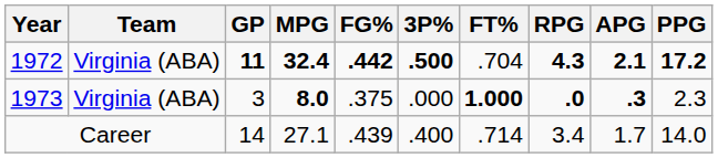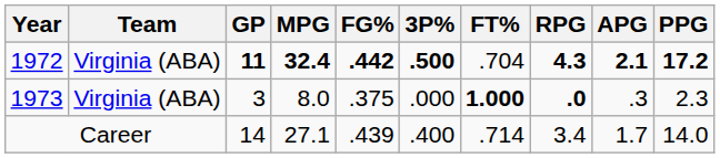 <table class="wikitable sortable" style="font-size:95%; text-align:right;">
 <tr>
 <th>Year</th>
 <th>Team</th>
 <th>GP</th>
 <th>MPG</th>
 <th>FG%</th>
 <th>3P%</th>
 <th>FT%</th>
 <th>RPG</th>
 <th>APG</th>
 <th>PPG</th>
 </tr>
 <tr>
 <td style="text-align:left;"><a href='#'>1972</a></td>
 <td style="text-align:left;"><a href='#'>Virginia</a> (ABA)</td>
 <td><strong>11</strong></td>
 <td><strong>32.4</strong></td>
 <td><strong>.442</strong></td>
 <td><strong>.500</strong></td>
 <td>.704</td>
 <td><strong>4.3</strong></td>
 <td><strong>2.1</strong></td>
 <td><strong>17.2</strong></td>
 </tr>
 <tr>
 <td style="text-align:left;"><a href='#'>1973</a></td>
 <td style="text-align:left;"><a href='#'>Virginia</a> (ABA)</td>
 <td>3</td>
-<td><strong>8.0</strong></td>
+<td>8.0</td>
 <td>.375</td>
 <td>.000</td>
 <td><strong>1.000</strong></td>
 <td><strong>.0</strong></td>
-<td><strong>.3</strong></td>
+<td>.3</td>
 <td>2.3</td>
 </tr>
 <tr class="sortbottom">
 <td colspan="2" style="text-align:center;">Career</td>
 <td>14</td>
 <td>27.1</td>
 <td>.439</td>
 <td>.400</td>
 <td>.714</td>
 <td>3.4</td>
 <td>1.7</td>
 <td>14.0</td>
 </tr>
 </table>
